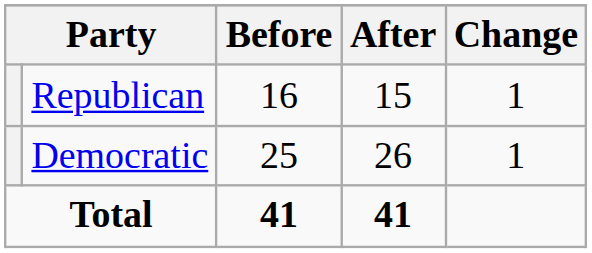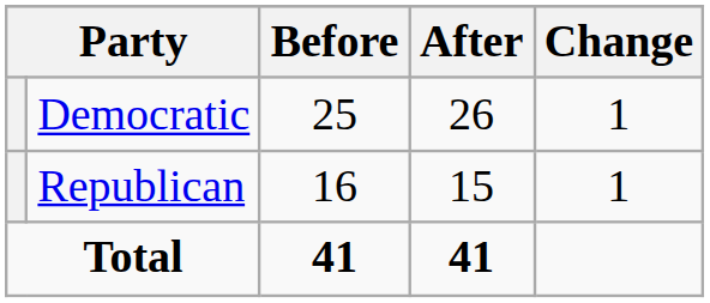 <table class="wikitable" style="text-align:center;">
 <tr>
 </tr>
 <tr>
 <th colspan=2>Party</th>
 <th>Before</th>
 <th>After</th>
 <th>Change</th>
 </tr>
 <tr>
 <th style="background-color:"></th>
-<td style="text-align:left;"><a href='#'>Republican</a></td>
-<td>16</td>
-<td>15</td>
+<td style="text-align:left;"><a href='#'>Democratic</a></td>
+<td>25</td>
+<td>26</td>
 <td> 1</td>
 </tr>
 <tr>
 <th style="background-color:"></th>
-<td style="text-align:left;"><a href='#'>Democratic</a></td>
-<td>25</td>
-<td>26</td>
+<td style="text-align:left;"><a href='#'>Republican</a></td>
+<td>16</td>
+<td>15</td>
 <td> 1</td>
 </tr>
 <tr>
 <td colspan=2><strong>Total</strong></td>
 <td><strong>41</strong></td>
 <td><strong>41</strong></td>
 <td></td>
 </tr>
 </table>
